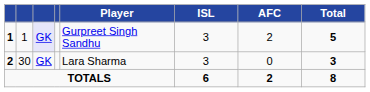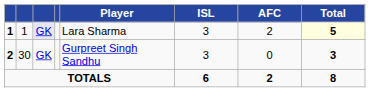 <table class="wikitable" style="font-size: 95%; text-align: center;">
 <tr>
 <th rowspan="1" !width=15 style="background:#2545A0; color:#FFFFFF;"></th>
 <th rowspan="1" !width=15 style="background:#2545A0; color:#FFFFFF;"></th>
 <th rowspan="1" !width=15 style="background:#2545A0; color:#FFFFFF;"></th>
 <th rowspan="1" !width=15 style="background:#2545A0; color:#FFFFFF;"></th>
 <th width=150 style="background:#2545A0; color:#FFFFFF;">Player</th>
 <th width=80 style="background:#2545A0; color:#FFFFFF;">ISL</th>
 <th width=80 style="background:#2545A0; color:#FFFFFF;">AFC</th>
 <th width=80 style="background:#2545A0; color:#FFFFFF;">Total</th>
 </tr>
 <tr>
 <td rowspan=1><strong>1</strong></td>
 <td>1</td>
 <td style="background: lavender;"><a href='#'>GK</a></td>
 <td></td>
-<td align=left><a href='#'>Gurpreet Singh Sandhu</a></td>
+<td align=left>Lara Sharma</td>
 <td>3</td>
 <td>2</td>
-<td><strong>5</strong></td>
+<td style="background: lightyellow;"><strong>5</strong></td>
 </tr>
 <tr>
 <td><strong>2</strong></td>
 <td>30</td>
 <td><a href='#'>GK</a></td>
 <td></td>
-<td align=left>Lara Sharma</td>
+<td align=left><a href='#'>Gurpreet Singh Sandhu</a></td>
 <td>3</td>
 <td>0</td>
 <td><strong>3</strong></td>
 </tr>
 <tr>
 <td colspan="5"><strong>TOTALS</strong></td>
 <td><strong>6</strong></td>
 <td><strong>2</strong></td>
 <td><strong>8</strong></td>
 </tr>
 </table>
